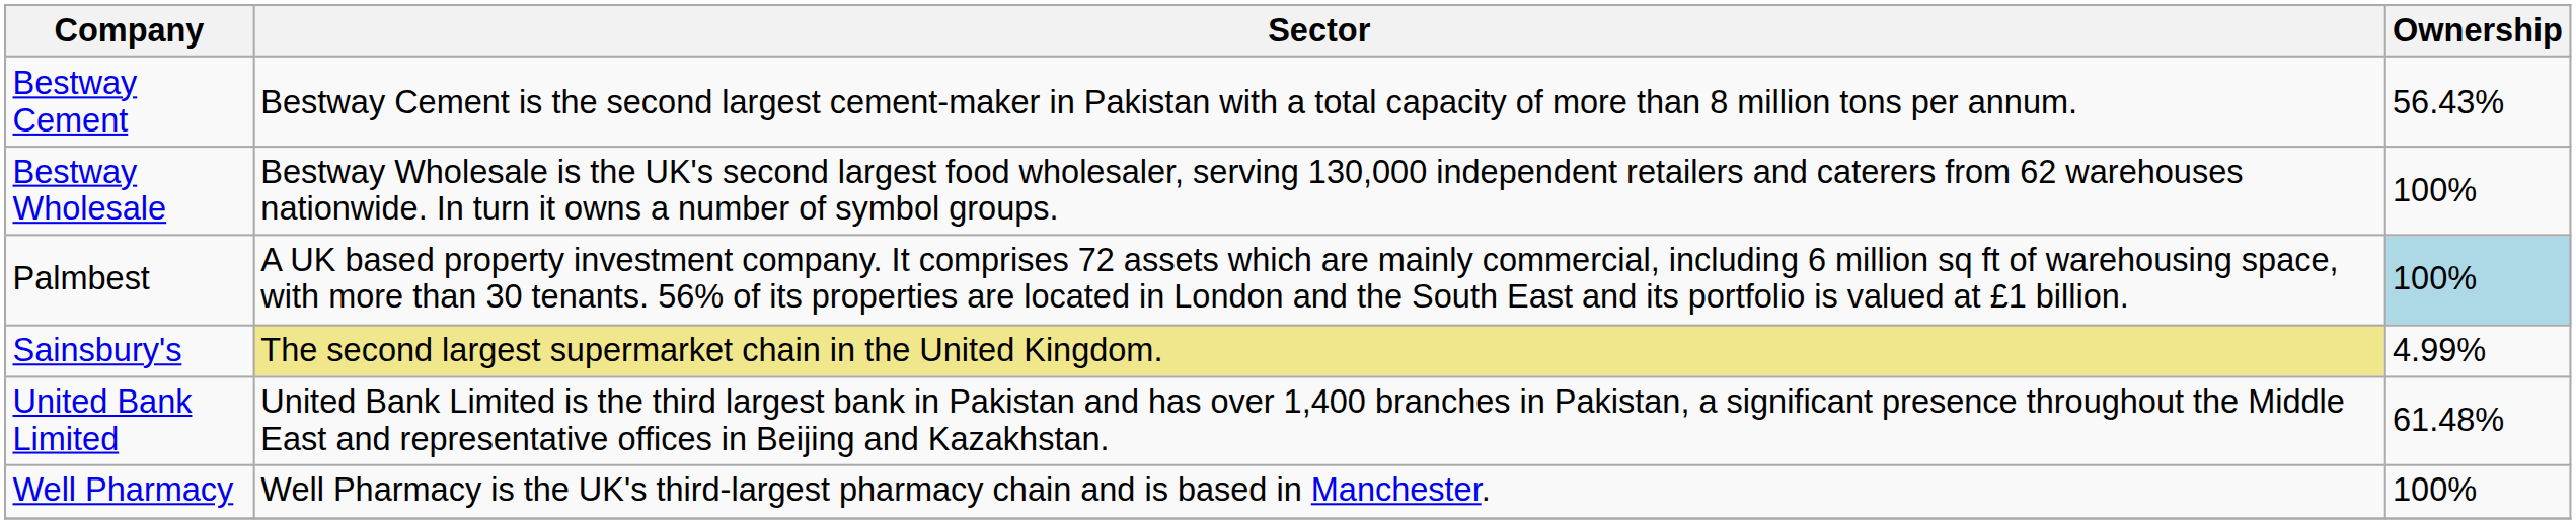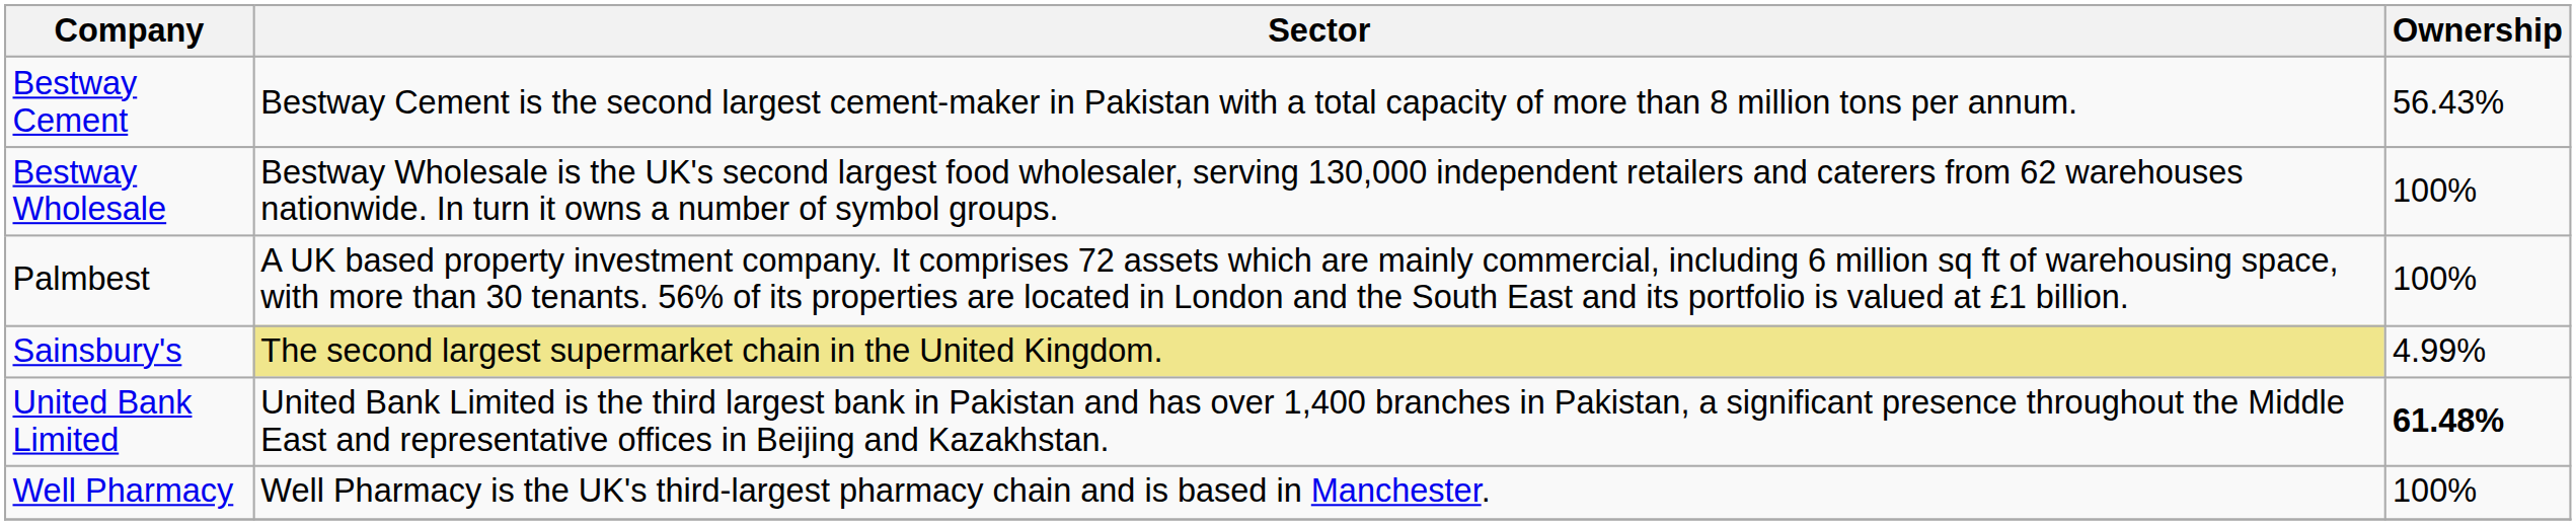 <table class="wikitable sortable">
 <tr>
 <th>Company</th>
 <th>Sector</th>
 <th>Ownership</th>
 </tr>
 <tr>
 <td><a href='#'>Bestway Cement</a></td>
 <td>Bestway Cement is the second largest cement-maker in Pakistan with a total capacity of more than 8 million tons per annum.</td>
 <td>56.43%</td>
 </tr>
 <tr>
 <td><a href='#'>Bestway Wholesale</a></td>
 <td>Bestway Wholesale is the UK's second largest food wholesaler, serving 130,000 independent retailers and caterers from 62 warehouses nationwide. In turn it owns a number of symbol groups.</td>
 <td>100%</td>
 </tr>
 <tr>
 <td>Palmbest</td>
 <td>A UK based property investment company. It comprises 72 assets which are mainly commercial, including 6 million sq ft of warehousing space, with more than 30 tenants. 56% of its properties are located in London and the South East and its portfolio is valued at £1 billion.</td>
-<td style="background: lightblue;">100%</td>
+<td>100%</td>
 </tr>
 <tr>
 <td><a href='#'>Sainsbury's</a></td>
 <td style="background: khaki;">The second largest supermarket chain in the United Kingdom.</td>
 <td>4.99%</td>
 </tr>
 <tr>
 <td><a href='#'>United Bank Limited</a></td>
 <td>United Bank Limited is the third largest bank in Pakistan and has over 1,400 branches in Pakistan, a significant presence throughout the Middle East and representative offices in Beijing and Kazakhstan.</td>
-<td>61.48%</td>
+<td><strong>61.48%</strong></td>
 </tr>
 <tr>
 <td><a href='#'>Well Pharmacy</a></td>
 <td>Well Pharmacy is the UK's third-largest pharmacy chain and is based in <a href='#'>Manchester</a>.</td>
 <td>100%</td>
 </tr>
 <tr>
 </tr>
 </table>
